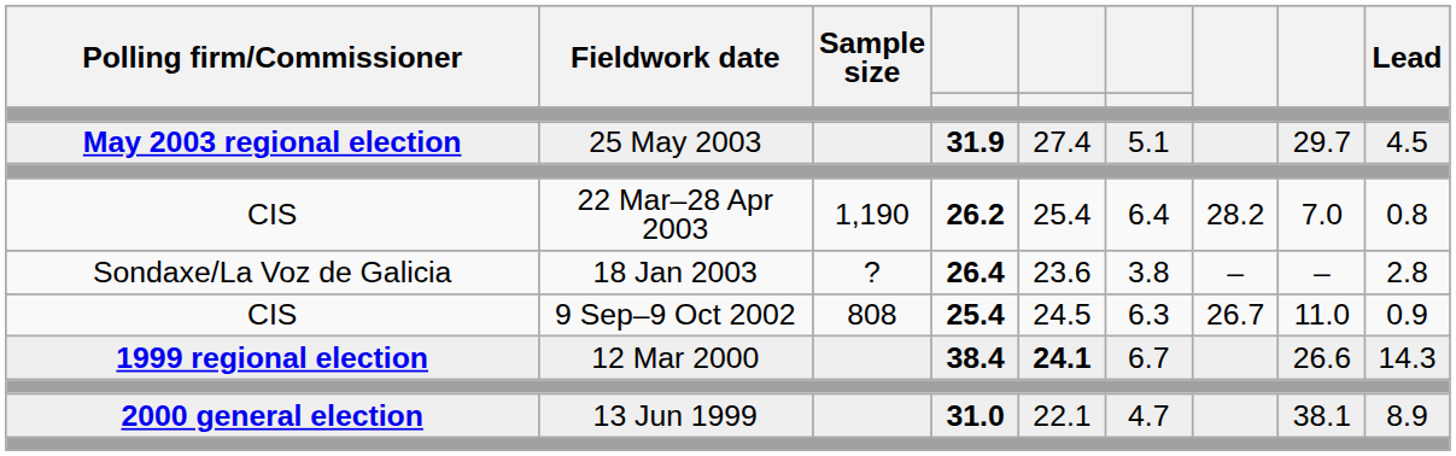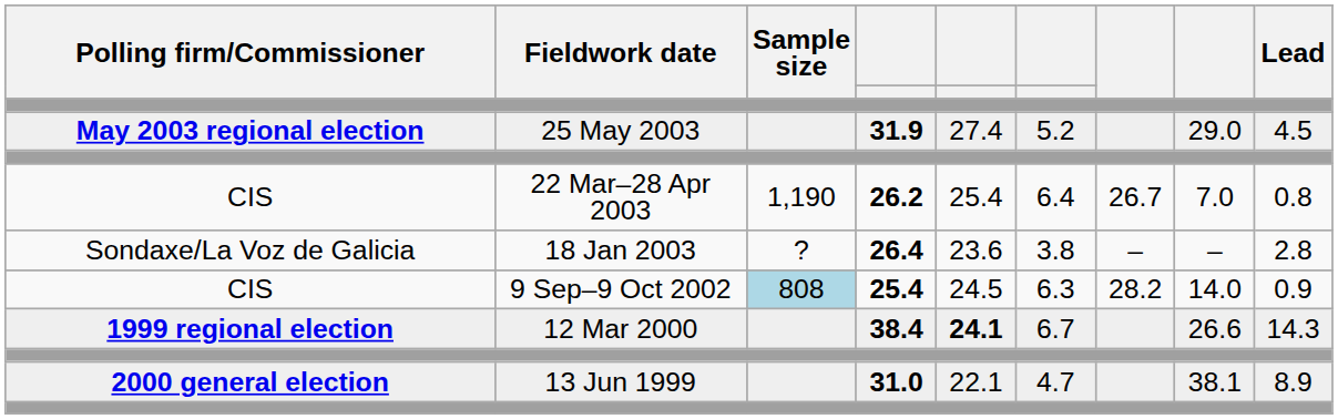 <table class="wikitable collapsible collapsed" style="text-align:center; font-size:90%; line-height:14px;">
 <tr style="height:42px;">
 <th style="width:250px;" rowspan="2">Polling firm/Commissioner</th>
 <th style="width:125px;" rowspan="2">Fieldwork date</th>
 <th style="width:50px;" rowspan="2">Sample size</th>
 <th style="width:35px;"></th>
 <th style="width:35px;"></th>
 <th style="width:35px;"></th>
 <th style="width:35px;" rowspan="2"></th>
 <th style="width:35px;" rowspan="2"></th>
 <th style="width:30px;" rowspan="2">Lead</th>
 </tr>
 <tr>
 <th style="color:inherit;background:"></th>
 <th style="color:inherit;background:"></th>
 <th style="color:inherit;background:"></th>
 </tr>
 <tr>
 <td colspan="9" style="background:#A0A0A0"></td>
 </tr>
 <tr style="background:#EFEFEF;">
 <td><strong><a href='#'>May 2003 regional election</a></strong></td>
 <td>25 May 2003</td>
 <td></td>
 <td><strong>31.9</strong></td>
 <td>27.4</td>
-<td>5.1</td>
+<td>5.2</td>
 <td></td>
-<td>29.7</td>
+<td>29.0</td>
 <td style="background:">4.5</td>
 </tr>
 <tr>
 <td colspan="9" style="background:#A0A0A0"></td>
 </tr>
 <tr>
 <td>CIS</td>
 <td>22 Mar–28 Apr 2003</td>
 <td>1,190</td>
 <td><strong>26.2</strong></td>
 <td>25.4</td>
 <td>6.4</td>
-<td>28.2</td>
+<td>26.7</td>
 <td>7.0</td>
 <td style="background:">0.8</td>
 </tr>
 <tr>
 <td>Sondaxe/La Voz de Galicia</td>
 <td>18 Jan 2003</td>
 <td>?</td>
 <td><strong>26.4</strong></td>
 <td>23.6</td>
 <td>3.8</td>
 <td>–</td>
 <td>–</td>
 <td style="background:">2.8</td>
 </tr>
 <tr>
 <td>CIS</td>
 <td>9 Sep–9 Oct 2002</td>
-<td>808</td>
+<td style="background: lightblue;">808</td>
 <td><strong>25.4</strong></td>
 <td>24.5</td>
 <td>6.3</td>
-<td>26.7</td>
-<td>11.0</td>
+<td>28.2</td>
+<td>14.0</td>
 <td style="background:">0.9</td>
 </tr>
 <tr style="background:#EFEFEF;">
 <td><strong><a href='#'>1999 regional election</a></strong></td>
 <td>12 Mar 2000</td>
 <td></td>
 <td><strong>38.4</strong></td>
 <td><strong>24.1</strong></td>
 <td>6.7</td>
 <td></td>
 <td>26.6</td>
 <td style="background:">14.3</td>
 </tr>
 <tr>
 <td colspan="9" style="background:#A0A0A0"></td>
 </tr>
 <tr style="background:#EFEFEF;">
 <td><strong><a href='#'>2000 general election</a></strong></td>
 <td>13 Jun 1999</td>
 <td></td>
 <td><strong>31.0</strong></td>
 <td>22.1</td>
 <td>4.7</td>
 <td></td>
 <td>38.1</td>
 <td style="background:">8.9</td>
 </tr>
 <tr>
 <td colspan="9" style="background:#A0A0A0"></td>
 </tr>
 </table>
